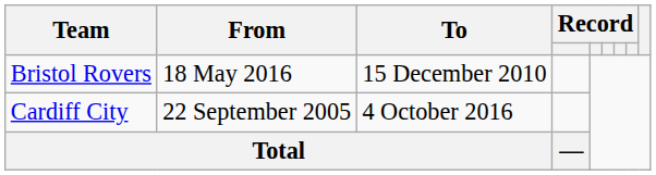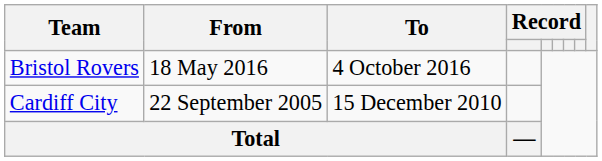 <table class=wikitable style="text-align: center">
 <tr>
 <th rowspan=2>Team</th>
 <th rowspan=2>From</th>
 <th rowspan=2>To</th>
 <th colspan=5>Record</th>
 <th rowspan=2></th>
 </tr>
 <tr>
 <th></th>
 <th></th>
 <th></th>
 <th></th>
 <th></th>
 </tr>
 <tr>
 <td align=left><a href='#'>Bristol Rovers</a></td>
 <td align=left>18 May 2016</td>
-<td align=left>15 December 2010<br></td>
+<td align=left>4 October 2016<br></td>
 <td></td>
 </tr>
 <tr>
 <td align=left><a href='#'>Cardiff City</a></td>
 <td align=left>22 September 2005</td>
-<td align=left>4 October 2016<br></td>
+<td align=left>15 December 2010<br></td>
 <td></td>
 </tr>
 <tr>
 <th colspan=3>Total<br></th>
 <th>—</th>
 </tr>
 </table>
